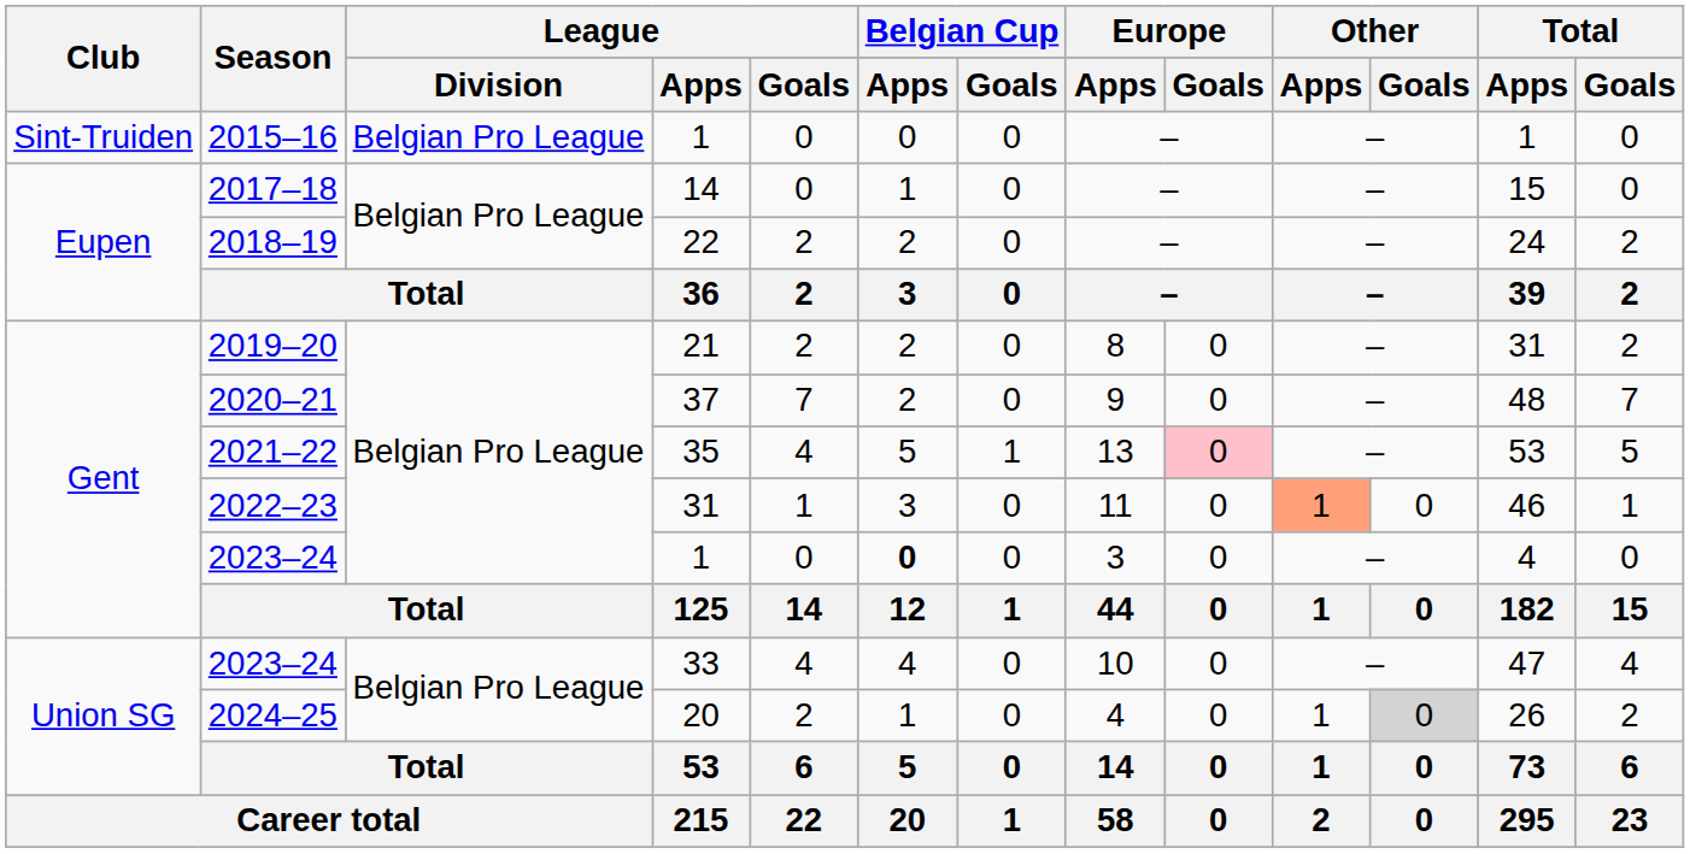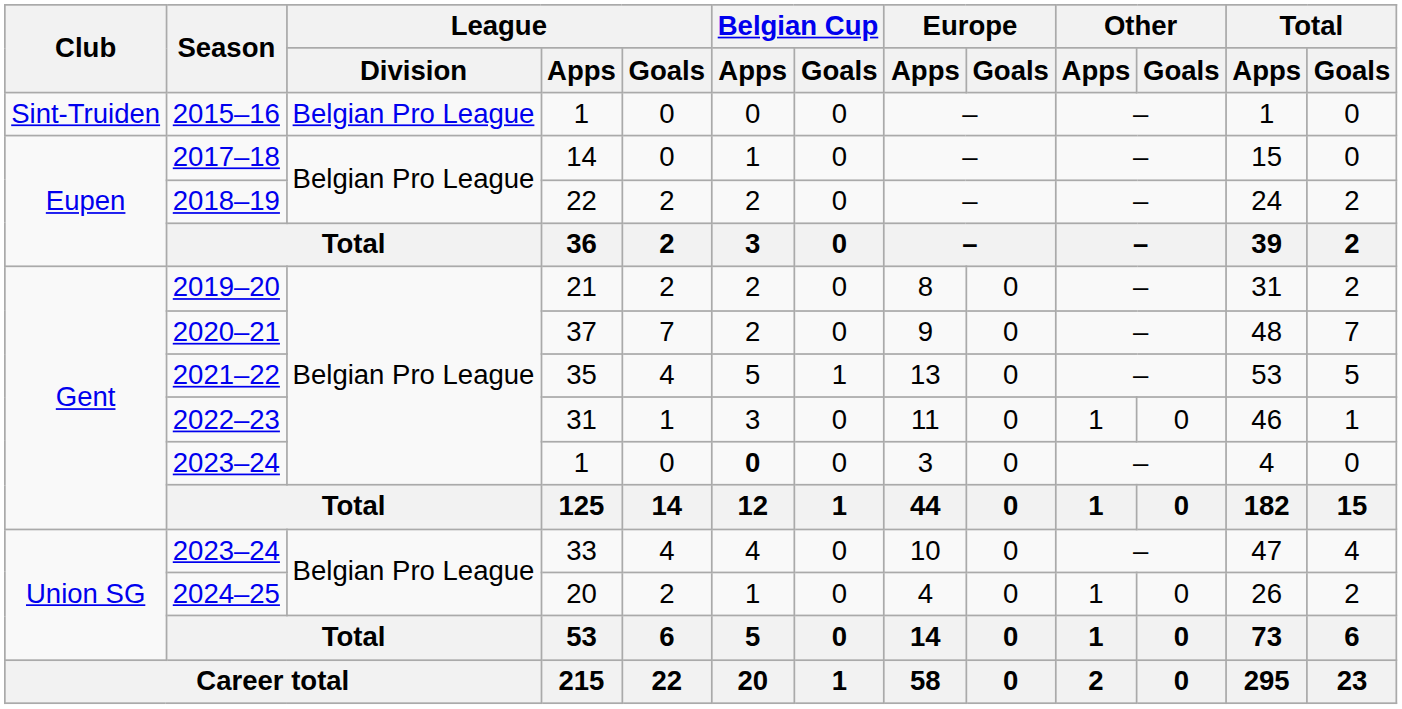 <table class="wikitable" style="text-align:center">
 <tr>
 <th rowspan="2">Club</th>
 <th rowspan="2">Season</th>
 <th colspan="3">League</th>
 <th colspan="2"><a href='#'>Belgian Cup</a></th>
 <th colspan="2">Europe</th>
 <th colspan="2">Other</th>
 <th colspan="2">Total</th>
 </tr>
 <tr>
 <th>Division</th>
 <th>Apps</th>
 <th>Goals</th>
 <th>Apps</th>
 <th>Goals</th>
 <th>Apps</th>
 <th>Goals</th>
 <th>Apps</th>
 <th>Goals</th>
 <th>Apps</th>
 <th>Goals</th>
 </tr>
 <tr>
 <td><a href='#'>Sint-Truiden</a></td>
 <td><a href='#'>2015–16</a></td>
 <td><a href='#'>Belgian Pro League</a></td>
 <td>1</td>
 <td>0</td>
 <td>0</td>
 <td>0</td>
 <td colspan="2">–</td>
 <td colspan="2">–</td>
 <td>1</td>
 <td>0</td>
 </tr>
 <tr>
 <td rowspan="3"><a href='#'>Eupen</a></td>
 <td><a href='#'>2017–18</a></td>
 <td rowspan="2">Belgian Pro League</td>
 <td>14</td>
 <td>0</td>
 <td>1</td>
 <td>0</td>
 <td colspan="2">–</td>
 <td colspan="2">–</td>
 <td>15</td>
 <td>0</td>
 </tr>
 <tr>
 <td><a href='#'>2018–19</a></td>
 <td>22</td>
 <td>2</td>
 <td>2</td>
 <td>0</td>
 <td colspan="2">–</td>
 <td colspan="2">–</td>
 <td>24</td>
 <td>2</td>
 </tr>
 <tr>
 <th colspan="2">Total</th>
 <th>36</th>
 <th>2</th>
 <th>3</th>
 <th>0</th>
 <th colspan="2">–</th>
 <th colspan="2">–</th>
 <th>39</th>
 <th>2</th>
 </tr>
 <tr>
 <td rowspan="6"><a href='#'>Gent</a></td>
 <td><a href='#'>2019–20</a></td>
 <td rowspan="5">Belgian Pro League</td>
 <td>21</td>
 <td>2</td>
 <td>2</td>
 <td>0</td>
 <td>8</td>
 <td>0</td>
 <td colspan="2">–</td>
 <td>31</td>
 <td>2</td>
 </tr>
 <tr>
 <td><a href='#'>2020–21</a></td>
 <td>37</td>
 <td>7</td>
 <td>2</td>
 <td>0</td>
 <td>9</td>
 <td>0</td>
 <td colspan="2">–</td>
 <td>48</td>
 <td>7</td>
 </tr>
 <tr>
 <td><a href='#'>2021–22</a></td>
 <td>35</td>
 <td>4</td>
 <td>5</td>
 <td>1</td>
 <td>13</td>
-<td style="background: pink;">0</td>
+<td>0</td>
 <td colspan="2">–</td>
 <td>53</td>
 <td>5</td>
 </tr>
 <tr>
 <td><a href='#'>2022–23</a></td>
 <td>31</td>
 <td>1</td>
 <td>3</td>
 <td>0</td>
 <td>11</td>
 <td>0</td>
-<td style="background: lightsalmon;">1</td>
+<td>1</td>
 <td>0</td>
 <td>46</td>
 <td>1</td>
 </tr>
 <tr>
 <td><a href='#'>2023–24</a></td>
 <td>1</td>
 <td>0</td>
 <td><strong>0</strong></td>
 <td>0</td>
 <td>3</td>
 <td>0</td>
 <td colspan="2">–</td>
 <td>4</td>
 <td>0</td>
 </tr>
 <tr>
 <th colspan="2">Total</th>
 <th>125</th>
 <th>14</th>
 <th>12</th>
 <th>1</th>
 <th>44</th>
 <th>0</th>
 <th>1</th>
 <th>0</th>
 <th>182</th>
 <th>15</th>
 </tr>
 <tr>
 <td rowspan="3"><a href='#'>Union SG</a></td>
 <td><a href='#'>2023–24</a></td>
 <td rowspan="2">Belgian Pro League</td>
 <td>33</td>
 <td>4</td>
 <td>4</td>
 <td>0</td>
 <td>10</td>
 <td>0</td>
 <td colspan="2">–</td>
 <td>47</td>
 <td>4</td>
 </tr>
 <tr>
 <td><a href='#'>2024–25</a></td>
 <td>20</td>
 <td>2</td>
 <td>1</td>
 <td>0</td>
 <td>4</td>
 <td>0</td>
 <td>1</td>
-<td style="background: lightgrey;">0</td>
+<td>0</td>
 <td>26</td>
 <td>2</td>
 </tr>
 <tr>
 <th colspan="2">Total</th>
 <th>53</th>
 <th>6</th>
 <th>5</th>
 <th>0</th>
 <th>14</th>
 <th>0</th>
 <th>1</th>
 <th>0</th>
 <th>73</th>
 <th>6</th>
 </tr>
 <tr>
 <th colspan="3">Career total</th>
 <th>215</th>
 <th>22</th>
 <th>20</th>
 <th>1</th>
 <th>58</th>
 <th>0</th>
 <th>2</th>
 <th>0</th>
 <th>295</th>
 <th>23</th>
 </tr>
 </table>
